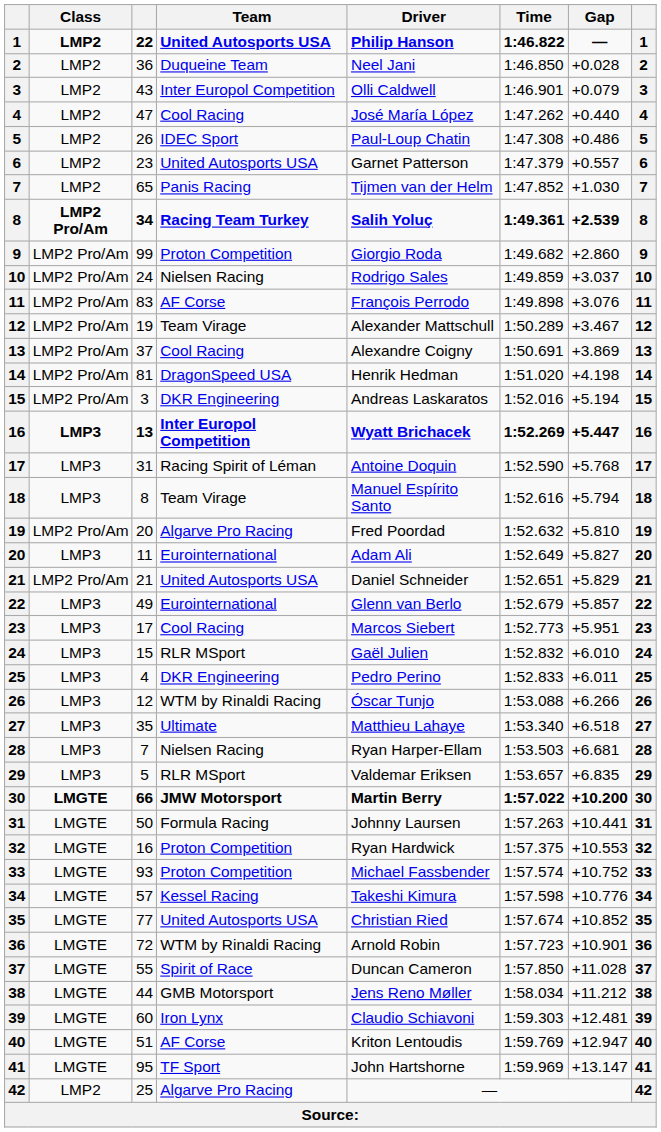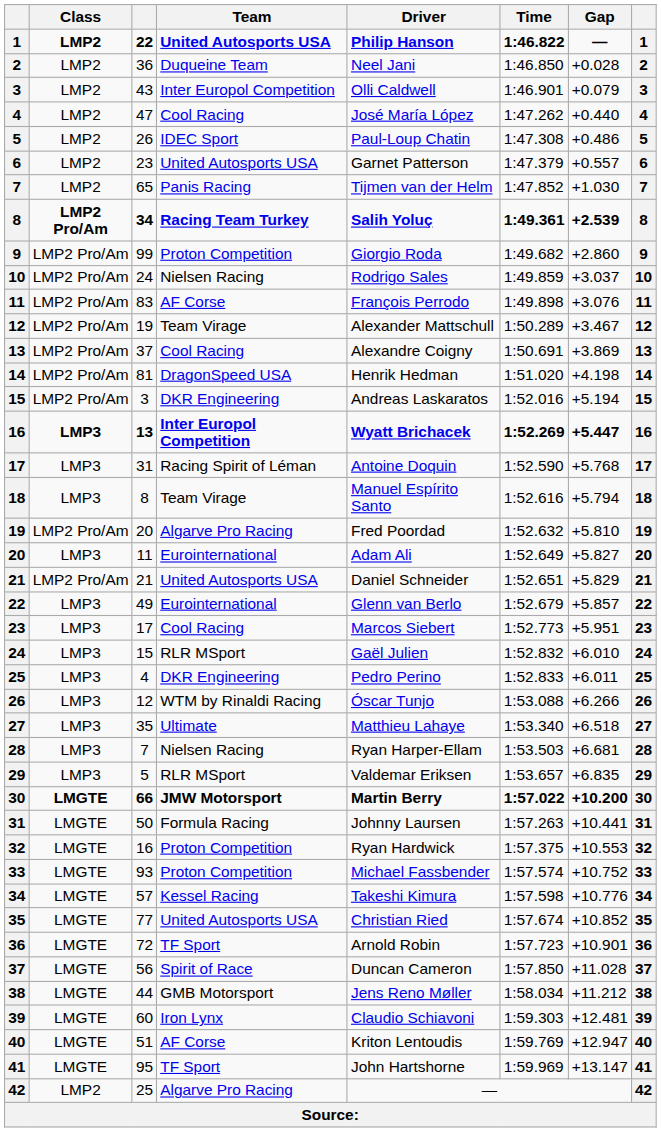 <table class="wikitable sortable" style="font-size: 90%;">
 <tr>
 <th></th>
 <th class="unsortable">Class</th>
 <th class="unsortable"></th>
 <th class="unsortable">Team</th>
 <th class="unsortable">Driver</th>
 <th class="unsortable">Time</th>
 <th class="unsortable">Gap</th>
 <th></th>
 </tr>
 <tr style="font-weight: bold;">
 <th>1</th>
 <td align="center">LMP2</td>
 <td align="center">22</td>
 <td> <a href='#'>United Autosports USA</a></td>
 <td> <a href='#'>Philip Hanson</a></td>
 <td>1:46.822</td>
 <td align="center">—</td>
 <th>1</th>
 </tr>
 <tr>
 <th>2</th>
 <td align="center">LMP2</td>
 <td align="center">36</td>
 <td> <a href='#'>Duqueine Team</a></td>
 <td> <a href='#'>Neel Jani</a></td>
 <td>1:46.850</td>
 <td>+0.028</td>
 <th>2</th>
 </tr>
 <tr>
 <th>3</th>
 <td align="center">LMP2</td>
 <td align="center">43</td>
 <td> <a href='#'>Inter Europol Competition</a></td>
 <td> <a href='#'>Olli Caldwell</a></td>
 <td>1:46.901</td>
 <td>+0.079</td>
 <th>3</th>
 </tr>
 <tr>
 <th>4</th>
 <td align="center">LMP2</td>
 <td align="center">47</td>
 <td> <a href='#'>Cool Racing</a></td>
 <td> <a href='#'>José María López</a></td>
 <td>1:47.262</td>
 <td>+0.440</td>
 <th>4</th>
 </tr>
 <tr>
 <th>5</th>
 <td align="center">LMP2</td>
 <td align="center">26</td>
 <td> <a href='#'>IDEC Sport</a></td>
 <td> <a href='#'>Paul-Loup Chatin</a></td>
 <td>1:47.308</td>
 <td>+0.486</td>
 <th>5</th>
 </tr>
 <tr>
 <th>6</th>
 <td align="center">LMP2</td>
 <td align="center">23</td>
 <td> <a href='#'>United Autosports USA</a></td>
 <td> Garnet Patterson</td>
 <td>1:47.379</td>
 <td>+0.557</td>
 <th>6</th>
 </tr>
 <tr>
 <th>7</th>
 <td align="center">LMP2</td>
 <td align="center">65</td>
 <td> <a href='#'>Panis Racing</a></td>
 <td> <a href='#'>Tijmen van der Helm</a></td>
 <td>1:47.852</td>
 <td>+1.030</td>
 <th>7</th>
 </tr>
 <tr style="font-weight: bold;">
 <th>8</th>
 <td align="center">LMP2 Pro/Am</td>
 <td align="center">34</td>
 <td> <a href='#'>Racing Team Turkey</a></td>
 <td> <a href='#'>Salih Yoluç</a></td>
 <td>1:49.361</td>
 <td>+2.539</td>
 <th>8</th>
 </tr>
 <tr>
 <th>9</th>
 <td align="center">LMP2 Pro/Am</td>
 <td align="center">99</td>
 <td> <a href='#'>Proton Competition</a></td>
 <td> <a href='#'>Giorgio Roda</a></td>
 <td>1:49.682</td>
 <td>+2.860</td>
 <th>9</th>
 </tr>
 <tr>
 <th>10</th>
 <td align="center">LMP2 Pro/Am</td>
 <td align="center">24</td>
 <td> Nielsen Racing</td>
 <td> <a href='#'>Rodrigo Sales</a></td>
 <td>1:49.859</td>
 <td>+3.037</td>
 <th>10</th>
 </tr>
 <tr>
 <th>11</th>
 <td align="center">LMP2 Pro/Am</td>
 <td align="center">83</td>
 <td> <a href='#'>AF Corse</a></td>
 <td> <a href='#'>François Perrodo</a></td>
 <td>1:49.898</td>
 <td>+3.076</td>
 <th>11</th>
 </tr>
 <tr>
 <th>12</th>
 <td align="center">LMP2 Pro/Am</td>
 <td align="center">19</td>
 <td> Team Virage</td>
 <td> Alexander Mattschull</td>
 <td>1:50.289</td>
 <td>+3.467</td>
 <th>12</th>
 </tr>
 <tr>
 <th>13</th>
 <td align="center">LMP2 Pro/Am</td>
 <td align="center">37</td>
 <td> <a href='#'>Cool Racing</a></td>
 <td> Alexandre Coigny</td>
 <td>1:50.691</td>
 <td>+3.869</td>
 <th>13</th>
 </tr>
 <tr>
 <th>14</th>
 <td align="center">LMP2 Pro/Am</td>
 <td align="center">81</td>
 <td> <a href='#'>DragonSpeed USA</a></td>
 <td> Henrik Hedman</td>
 <td>1:51.020</td>
 <td>+4.198</td>
 <th>14</th>
 </tr>
 <tr>
 <th>15</th>
 <td align="center">LMP2 Pro/Am</td>
 <td align="center">3</td>
 <td> <a href='#'>DKR Engineering</a></td>
 <td> Andreas Laskaratos</td>
 <td>1:52.016</td>
 <td>+5.194</td>
 <th>15</th>
 </tr>
 <tr style="font-weight: bold;">
 <th>16</th>
 <td align="center">LMP3</td>
 <td align="center">13</td>
 <td> <a href='#'>Inter Europol Competition</a></td>
 <td> <a href='#'>Wyatt Brichacek</a></td>
 <td>1:52.269</td>
 <td>+5.447</td>
 <th>16</th>
 </tr>
 <tr>
 <th>17</th>
 <td align="center">LMP3</td>
 <td align="center">31</td>
 <td> Racing Spirit of Léman</td>
 <td> <a href='#'>Antoine Doquin</a></td>
 <td>1:52.590</td>
 <td>+5.768</td>
 <th>17</th>
 </tr>
 <tr>
 <th>18</th>
 <td align="center">LMP3</td>
 <td align="center">8</td>
 <td> Team Virage</td>
 <td> <a href='#'>Manuel Espírito Santo</a></td>
 <td>1:52.616</td>
 <td>+5.794</td>
 <th>18</th>
 </tr>
 <tr>
 <th>19</th>
 <td align="center">LMP2 Pro/Am</td>
 <td align="center">20</td>
 <td> <a href='#'>Algarve Pro Racing</a></td>
 <td> Fred Poordad</td>
 <td>1:52.632</td>
 <td>+5.810</td>
 <th>19</th>
 </tr>
 <tr>
 <th>20</th>
 <td align="center">LMP3</td>
 <td align="center">11</td>
 <td> <a href='#'>Eurointernational</a></td>
 <td> <a href='#'>Adam Ali</a></td>
 <td>1:52.649</td>
 <td>+5.827</td>
 <th>20</th>
 </tr>
 <tr>
 <th>21</th>
 <td align="center">LMP2 Pro/Am</td>
 <td align="center">21</td>
 <td> <a href='#'>United Autosports USA</a></td>
 <td> Daniel Schneider</td>
 <td>1:52.651</td>
 <td>+5.829</td>
 <th>21</th>
 </tr>
 <tr>
 <th>22</th>
 <td align="center">LMP3</td>
 <td align="center">49</td>
 <td> <a href='#'>Eurointernational</a></td>
 <td> <a href='#'>Glenn van Berlo</a></td>
 <td>1:52.679</td>
 <td>+5.857</td>
 <th>22</th>
 </tr>
 <tr>
 <th>23</th>
 <td align="center">LMP3</td>
 <td align="center">17</td>
 <td> <a href='#'>Cool Racing</a></td>
 <td> <a href='#'>Marcos Siebert</a></td>
 <td>1:52.773</td>
 <td>+5.951</td>
 <th>23</th>
 </tr>
 <tr>
 <th>24</th>
 <td align="center">LMP3</td>
 <td align="center">15</td>
 <td> RLR MSport</td>
 <td> <a href='#'>Gaël Julien</a></td>
 <td>1:52.832</td>
 <td>+6.010</td>
 <th>24</th>
 </tr>
 <tr>
 <th>25</th>
 <td align="center">LMP3</td>
 <td align="center">4</td>
 <td> <a href='#'>DKR Engineering</a></td>
 <td> <a href='#'>Pedro Perino</a></td>
 <td>1:52.833</td>
 <td>+6.011</td>
 <th>25</th>
 </tr>
 <tr>
 <th>26</th>
 <td align="center">LMP3</td>
 <td align="center">12</td>
 <td> WTM by Rinaldi Racing</td>
 <td> <a href='#'>Óscar Tunjo</a></td>
 <td>1:53.088</td>
 <td>+6.266</td>
 <th>26</th>
 </tr>
 <tr>
 <th>27</th>
 <td align="center">LMP3</td>
 <td align="center">35</td>
 <td> <a href='#'>Ultimate</a></td>
 <td> <a href='#'>Matthieu Lahaye</a></td>
 <td>1:53.340</td>
 <td>+6.518</td>
 <th>27</th>
 </tr>
 <tr>
 <th>28</th>
 <td align="center">LMP3</td>
 <td align="center">7</td>
 <td> Nielsen Racing</td>
 <td> Ryan Harper-Ellam</td>
 <td>1:53.503</td>
 <td>+6.681</td>
 <th>28</th>
 </tr>
 <tr>
 <th>29</th>
 <td align="center">LMP3</td>
 <td align="center">5</td>
 <td> RLR MSport</td>
 <td> Valdemar Eriksen</td>
 <td>1:53.657</td>
 <td>+6.835</td>
 <th>29</th>
 </tr>
 <tr style="font-weight: bold;">
 <th>30</th>
 <td align="center">LMGTE</td>
 <td align="center">66</td>
 <td> JMW Motorsport</td>
 <td> Martin Berry</td>
 <td>1:57.022</td>
 <td>+10.200</td>
 <th>30</th>
 </tr>
 <tr>
 <th>31</th>
 <td align="center">LMGTE</td>
 <td align="center">50</td>
 <td> Formula Racing</td>
 <td> Johnny Laursen</td>
 <td>1:57.263</td>
 <td>+10.441</td>
 <th>31</th>
 </tr>
 <tr>
 <th>32</th>
 <td align="center">LMGTE</td>
 <td align="center">16</td>
 <td> <a href='#'>Proton Competition</a></td>
 <td> Ryan Hardwick</td>
 <td>1:57.375</td>
 <td>+10.553</td>
 <th>32</th>
 </tr>
 <tr>
 <th>33</th>
 <td align="center">LMGTE</td>
 <td align="center">93</td>
 <td> <a href='#'>Proton Competition</a></td>
 <td> <a href='#'>Michael Fassbender</a></td>
 <td>1:57.574</td>
 <td>+10.752</td>
 <th>33</th>
 </tr>
 <tr>
 <th>34</th>
 <td align="center">LMGTE</td>
 <td align="center">57</td>
 <td> <a href='#'>Kessel Racing</a></td>
 <td> <a href='#'>Takeshi Kimura</a></td>
 <td>1:57.598</td>
 <td>+10.776</td>
 <th>34</th>
 </tr>
 <tr>
 <th>35</th>
 <td align="center">LMGTE</td>
 <td align="center">77</td>
 <td> <a href='#'>United Autosports USA</a></td>
 <td> <a href='#'>Christian Ried</a></td>
 <td>1:57.674</td>
 <td>+10.852</td>
 <th>35</th>
 </tr>
 <tr>
 <th>36</th>
 <td align="center">LMGTE</td>
 <td align="center">72</td>
-<td> WTM by Rinaldi Racing</td>
+<td> <a href='#'>TF Sport</a></td>
 <td> Arnold Robin</td>
 <td>1:57.723</td>
 <td>+10.901</td>
 <th>36</th>
 </tr>
 <tr>
 <th>37</th>
 <td align="center">LMGTE</td>
-<td align="center">55</td>
+<td align="center">56</td>
 <td> <a href='#'>Spirit of Race</a></td>
 <td> Duncan Cameron</td>
 <td>1:57.850</td>
 <td>+11.028</td>
 <th>37</th>
 </tr>
 <tr>
 <th>38</th>
 <td align="center">LMGTE</td>
 <td align="center">44</td>
 <td> GMB Motorsport</td>
 <td> <a href='#'>Jens Reno Møller</a></td>
 <td>1:58.034</td>
 <td>+11.212</td>
 <th>38</th>
 </tr>
 <tr>
 <th>39</th>
 <td align="center">LMGTE</td>
 <td align="center">60</td>
 <td> <a href='#'>Iron Lynx</a></td>
 <td> <a href='#'>Claudio Schiavoni</a></td>
 <td>1:59.303</td>
 <td>+12.481</td>
 <th>39</th>
 </tr>
 <tr>
 <th>40</th>
 <td align="center">LMGTE</td>
 <td align="center">51</td>
 <td> <a href='#'>AF Corse</a></td>
 <td> Kriton Lentoudis</td>
 <td>1:59.769</td>
 <td>+12.947</td>
 <th>40</th>
 </tr>
 <tr>
 <th>41</th>
 <td align="center">LMGTE</td>
 <td align="center">95</td>
 <td> <a href='#'>TF Sport</a></td>
 <td> John Hartshorne</td>
 <td>1:59.969</td>
 <td>+13.147</td>
 <th>41</th>
 </tr>
 <tr>
 <th>42</th>
 <td align="center">LMP2</td>
 <td align="center">25</td>
 <td> <a href='#'>Algarve Pro Racing</a></td>
 <td colspan="3" align="center">—</td>
 <th>42</th>
 </tr>
 <tr>
 <th colspan="8">Source:</th>
 </tr>
 </table>
